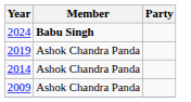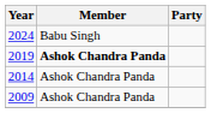 <table class="wikitable sortable">
 <tr>
 <th>Year</th>
 <th>Member</th>
 <th colspan=2>Party</th>
 </tr>
 <tr>
 <td><a href='#'>2024</a></td>
-<td><strong>Babu Singh</strong></td>
+<td>Babu Singh</td>
 <td></td>
 </tr>
 <tr>
 <td><a href='#'>2019</a></td>
-<td>Ashok Chandra Panda</td>
+<td><strong>Ashok Chandra Panda</strong></td>
 <td></td>
 </tr>
 <tr>
 <td><a href='#'>2014</a></td>
 <td>Ashok Chandra Panda</td>
 <td></td>
 </tr>
 <tr>
 <td><a href='#'>2009</a></td>
 <td>Ashok Chandra Panda</td>
 <td></td>
 </tr>
 <tr>
 </tr>
 </table>
